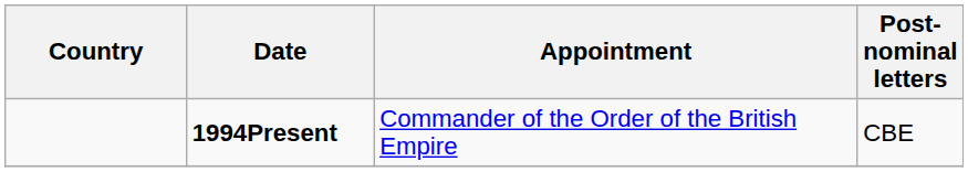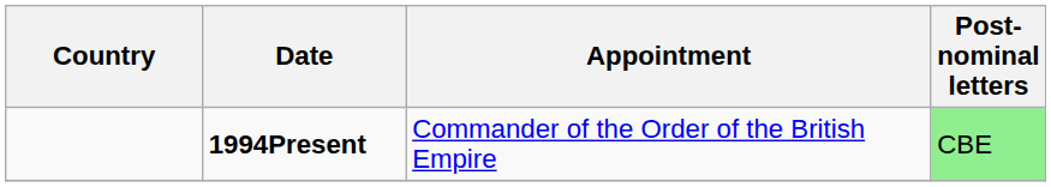 <table class="wikitable" style="width:100%;">
 <tr>
 <th style="width:20%;">Country</th>
 <th style="width:20%;">Date</th>
 <th style="width:55%;">Appointment</th>
 <th style="width:5%;">Post-nominal letters</th>
 </tr>
 <tr>
 <td></td>
 <td><strong>1994Present</strong></td>
 <td><a href='#'>Commander of the Order of the British Empire</a></td>
-<td>CBE</td>
+<td style="background: lightgreen;">CBE</td>
 </tr>
 <tr>
 </tr>
 </table>
